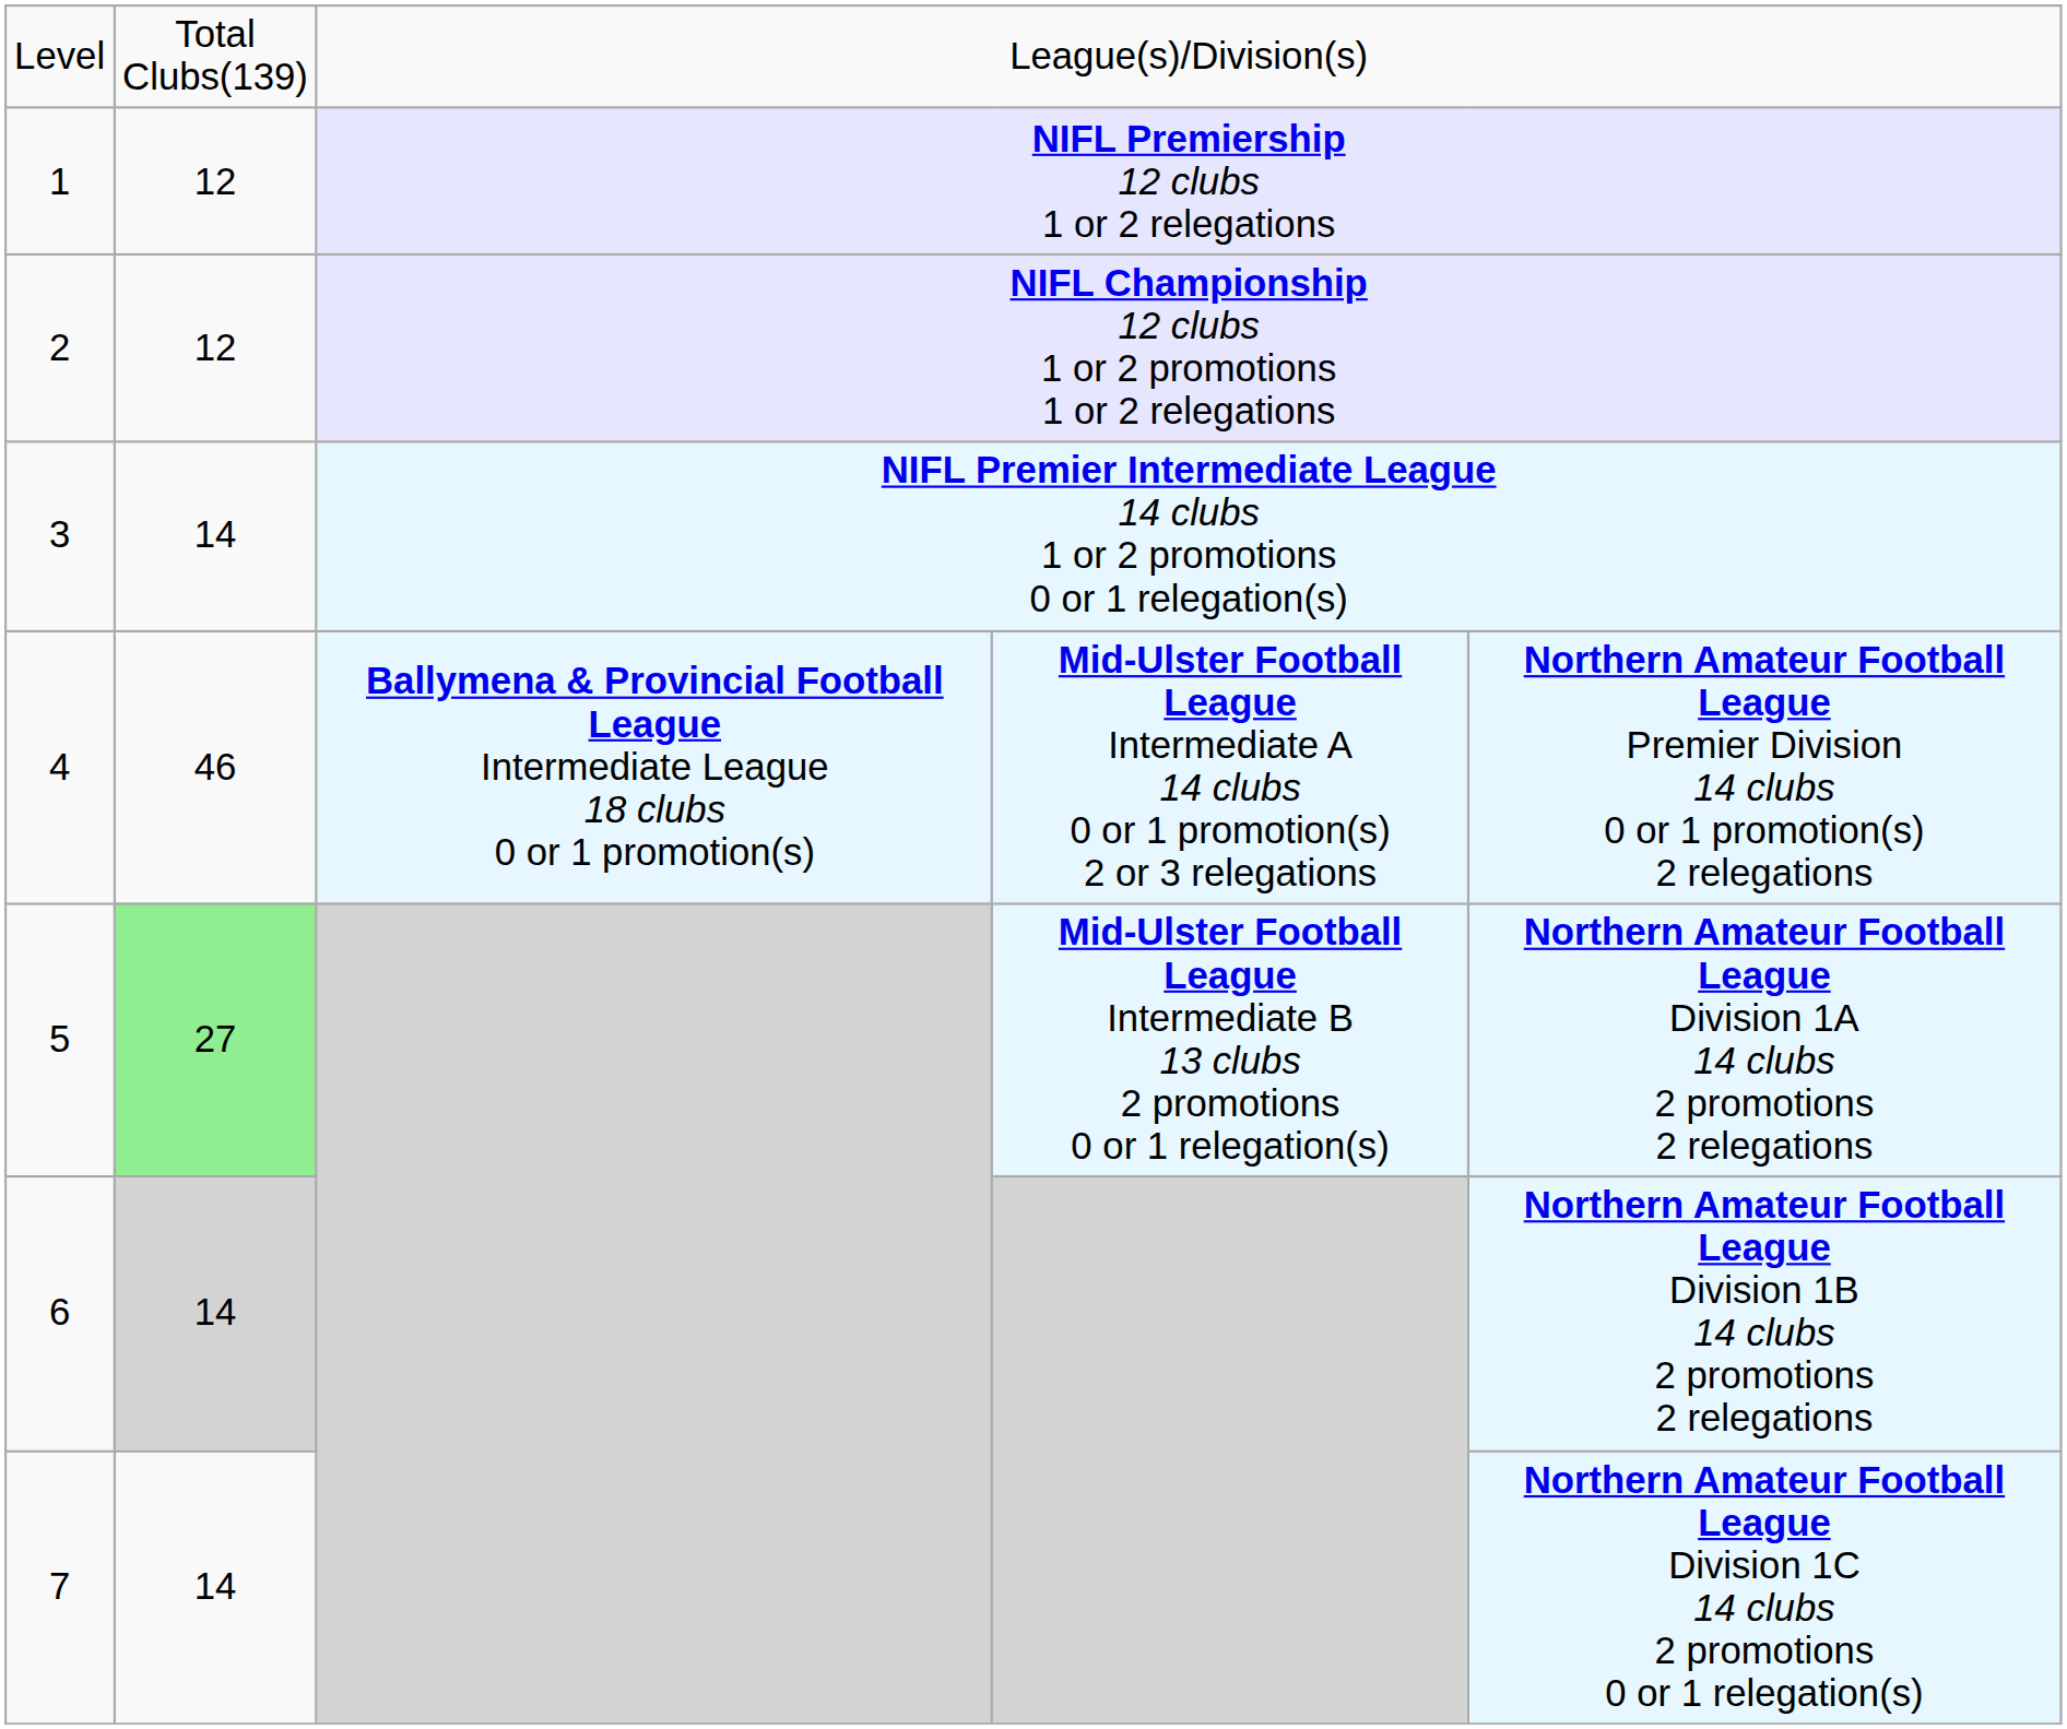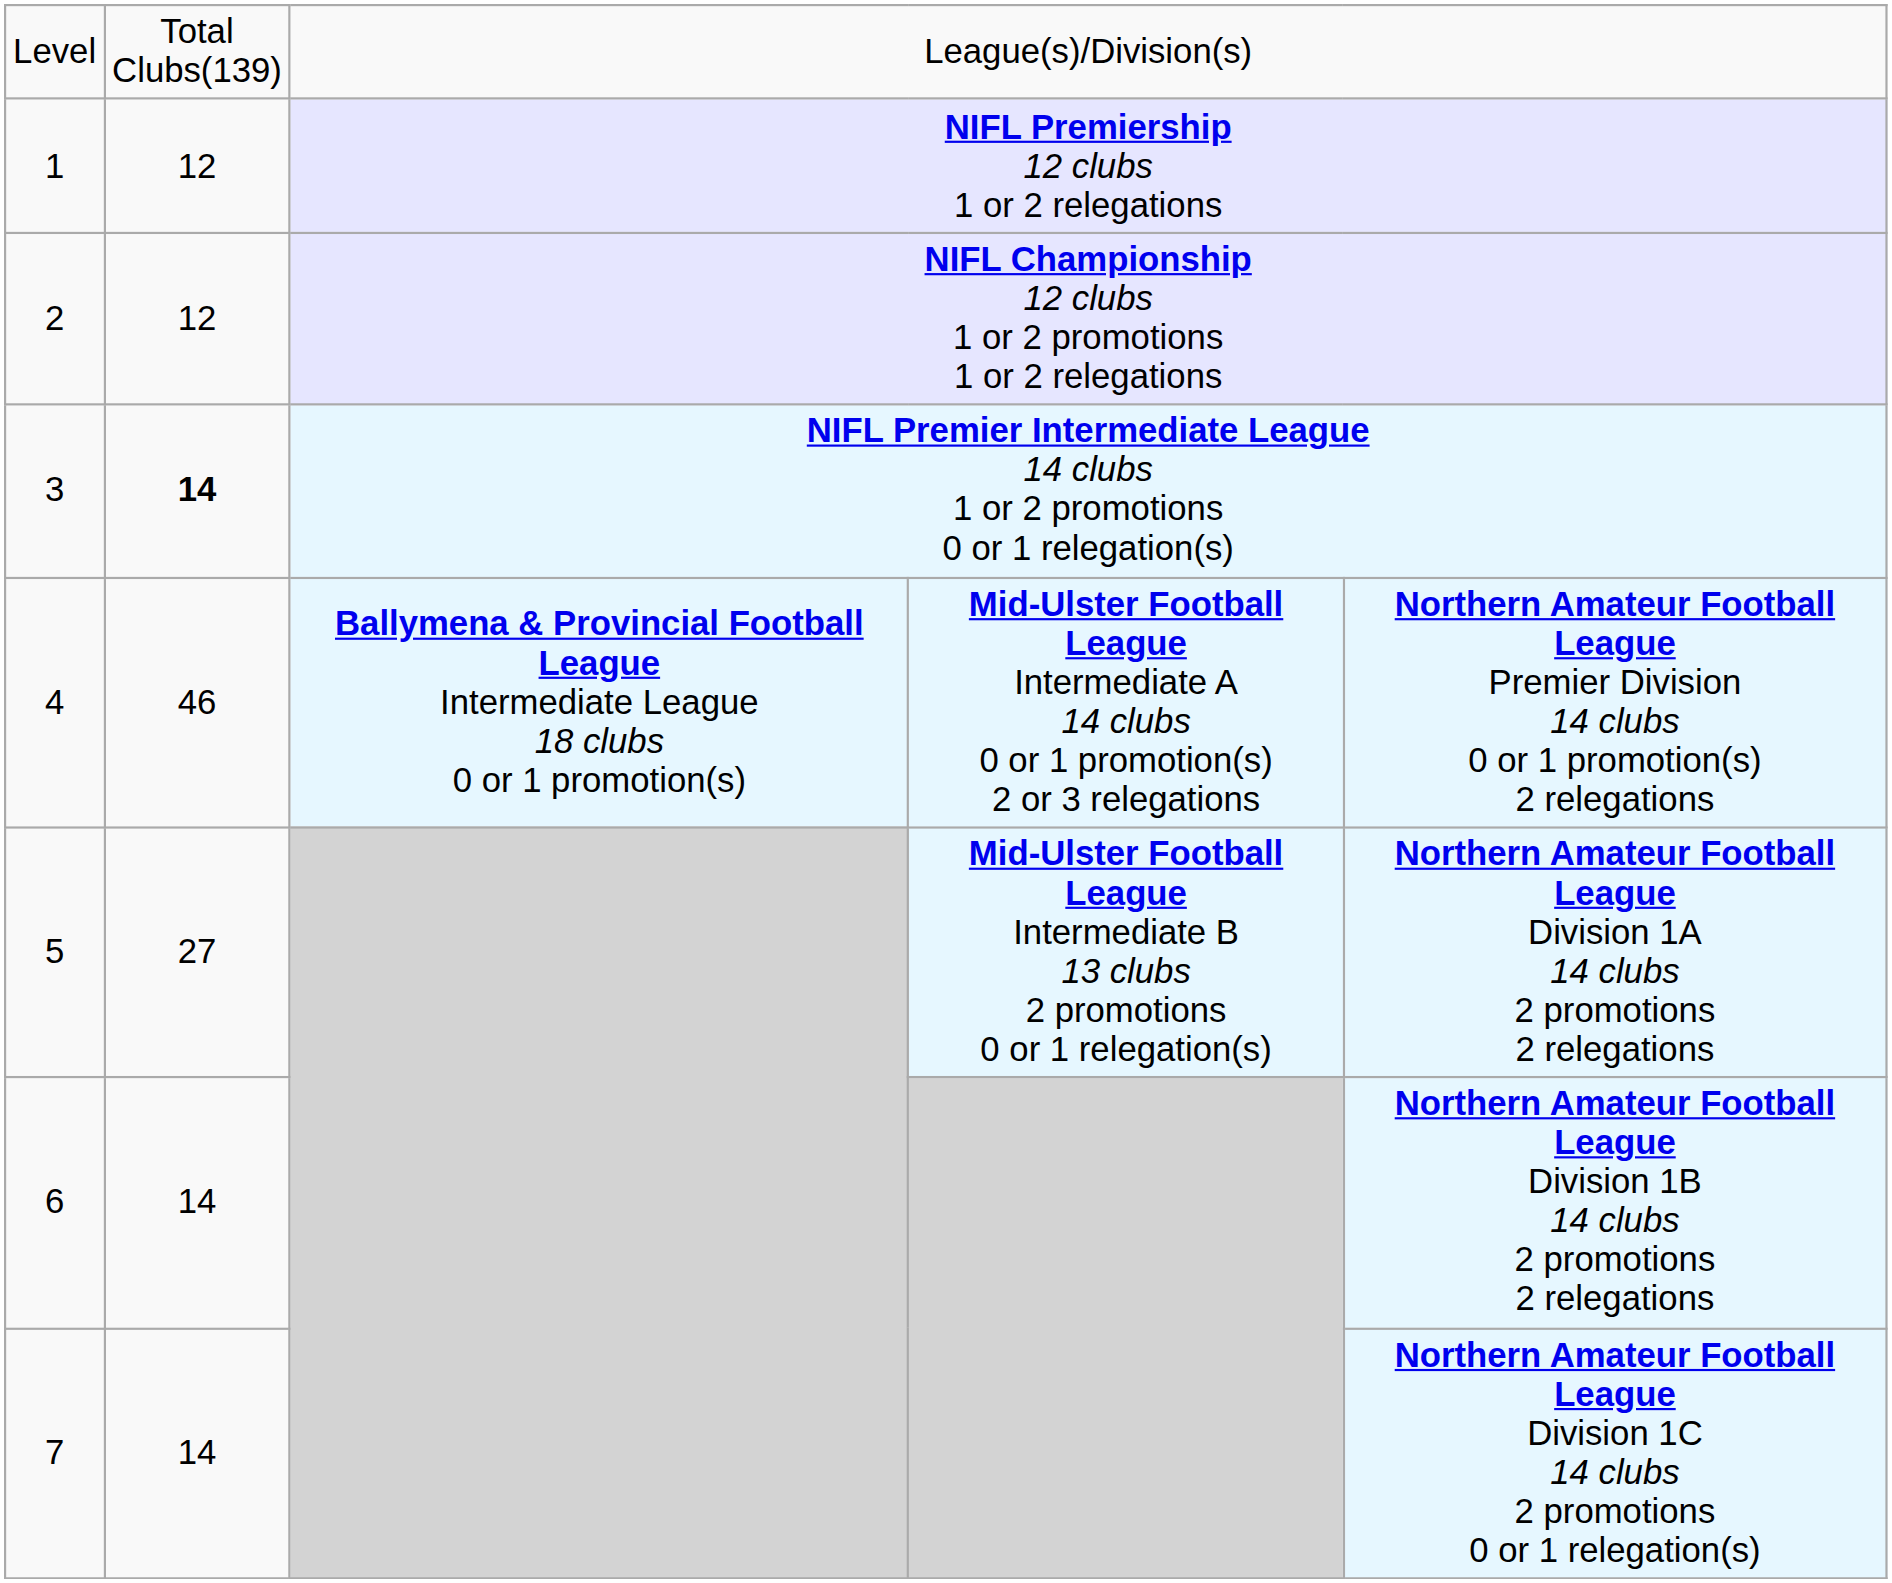 <table class="wikitable" style="text-align: center;">
 <tr>
 <td width="4%">Level</td>
 <td>Total Clubs(139)</td>
 <td colspan="3" width="96%">League(s)/Division(s)</td>
 </tr>
 <tr>
 <td width="4%">1</td>
 <td>12</td>
 <td colspan="3" width="96%" style="background:#e6e6ff;"><strong><a href='#'>NIFL Premiership</a></strong><br><em>12 clubs</em><br>1 or 2 relegations</td>
 </tr>
 <tr>
 <td width="4%">2</td>
 <td>12</td>
 <td colspan="3" width="96%" style="background:#e6e6ff;"><strong><a href='#'>NIFL Championship</a></strong><br><em>12 clubs</em><br>1 or 2 promotions<br>1 or 2 relegations</td>
 </tr>
 <tr>
 <td width="4%">3</td>
-<td>14</td>
+<td><strong>14</strong></td>
 <td colspan="3" width="96%" style="background:#e6f7ff;"><strong><a href='#'>NIFL Premier Intermediate League</a></strong><br><em>14 clubs</em><br>1 or 2 promotions<br>0 or 1 relegation(s)</td>
 </tr>
 <tr>
 <td width="4%">4</td>
 <td>46</td>
 <td style="background:#e6f7ff;"><strong><a href='#'>Ballymena & Provincial Football League</a></strong><br>Intermediate League<br><em>18 clubs</em><br>0 or 1 promotion(s)</td>
 <td style="background:#e6f7ff;"><strong><a href='#'>Mid-Ulster Football League</a></strong><br>Intermediate A<br><em>14 clubs</em><br>0 or 1 promotion(s)<br>2 or 3 relegations</td>
 <td style="background:#e6f7ff;"><strong><a href='#'>Northern Amateur Football League</a><br></strong> Premier Division<br><em>14 clubs</em><br> 0 or 1 promotion(s)<br>2 relegations</td>
 </tr>
 <tr>
 <td width="4%">5</td>
-<td style="background: lightgreen;">27</td>
+<td>27</td>
 <td rowspan="3" style="background-color:#D3D3D3"></td>
 <td style="background:#e6f7ff;"><strong><a href='#'>Mid-Ulster Football League</a></strong><br>Intermediate B<br><em>13 clubs</em><br>2 promotions<br>0 or 1 relegation(s)</td>
 <td style="background:#e6f7ff;"><strong><a href='#'>Northern Amateur Football League</a></strong><br> Division 1A<br><em>14 clubs</em><br>2 promotions<br>2 relegations</td>
 </tr>
 <tr>
 <td width="4%">6</td>
-<td style="background: lightgrey;">14</td>
+<td>14</td>
 <td rowspan="2" style="background-color:#D3D3D3"></td>
 <td style="background:#e6f7ff;"><strong><a href='#'>Northern Amateur Football League</a></strong><br>Division 1B<br><em>14 clubs</em><br>2 promotions<br>2 relegations</td>
 </tr>
 <tr>
 <td width="4%">7</td>
 <td>14</td>
 <td style="background:#e6f7ff;"><strong><a href='#'>Northern Amateur Football League</a></strong><br>Division 1C<br><em>14 clubs</em><br>2 promotions<br>0 or 1 relegation(s)</td>
 </tr>
 </table>
